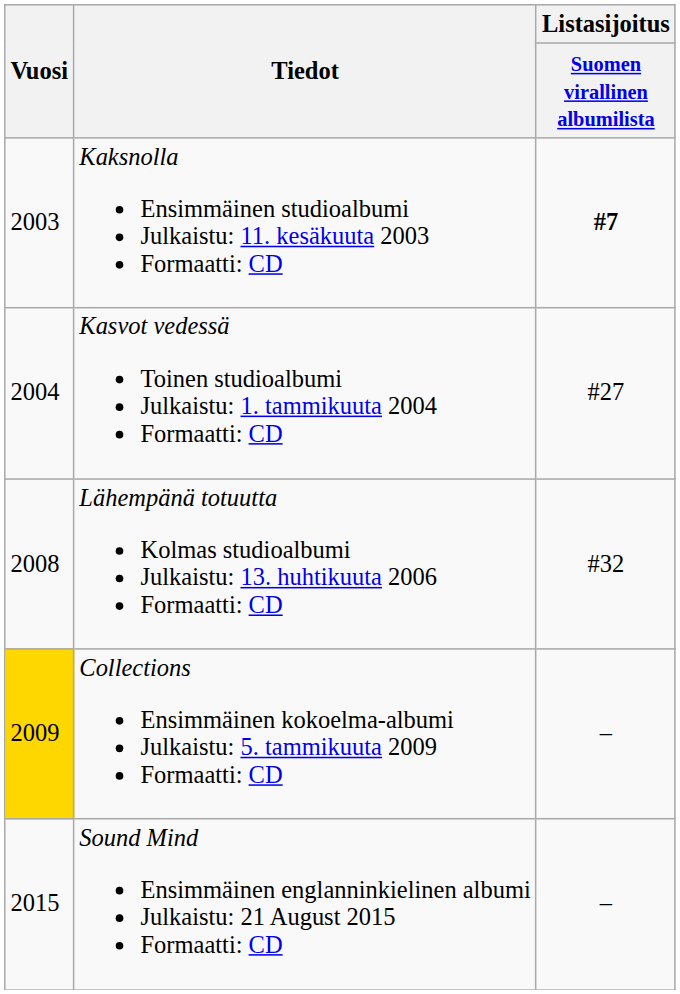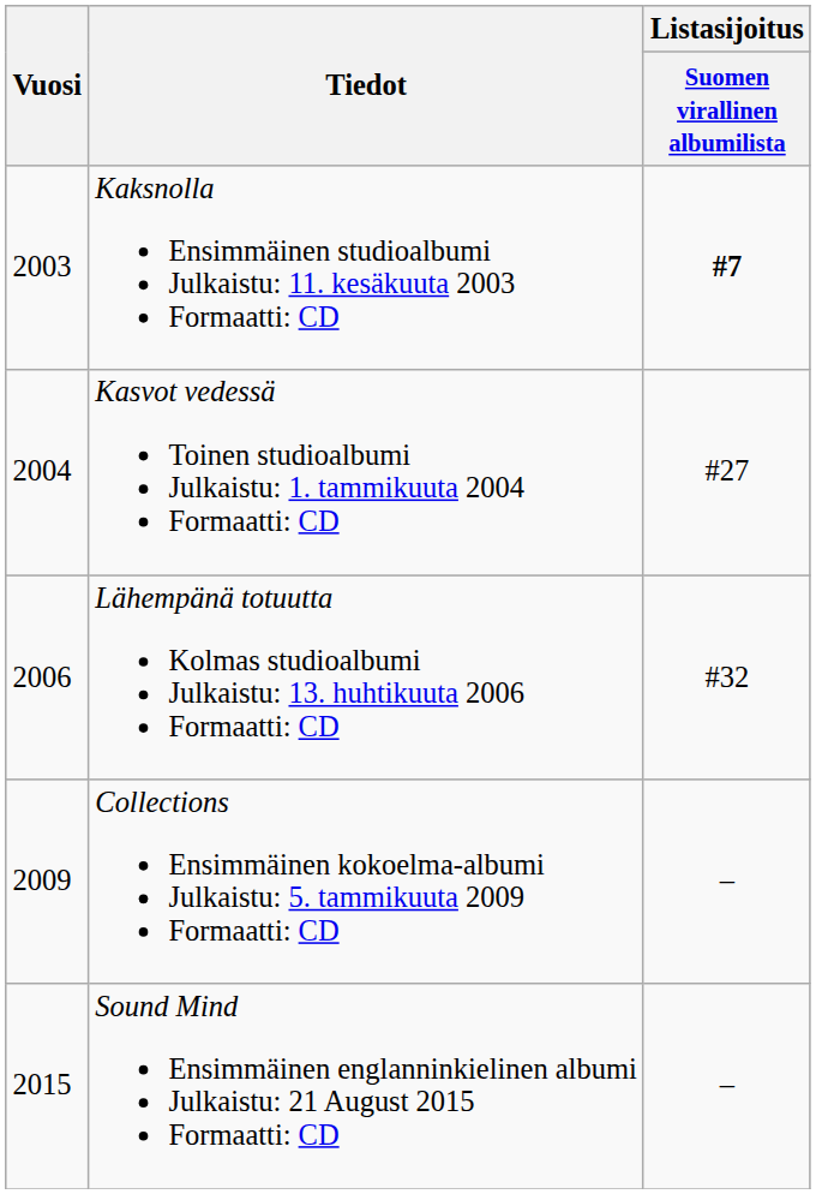 <table class="wikitable">
 <tr>
 <th rowspan="2">Vuosi</th>
 <th rowspan="2">Tiedot</th>
 <th align="center" colspan="1">Listasijoitus</th>
 </tr>
 <tr>
 <th width="75"><small><a href='#'>Suomen virallinen albumilista</a></small></th>
 </tr>
 <tr>
 <td>2003</td>
 <td><em>Kaksnolla</em><br><ul><li>Ensimmäinen studioalbumi</li><li>Julkaistu: <a href='#'>11. kesäkuuta</a> 2003</li><li>Formaatti: <a href='#'>CD</a></li></ul></td>
 <td style="text-align:center;"><strong>#7</strong></td>
 </tr>
 <tr>
 <td>2004</td>
 <td><em>Kasvot vedessä</em><br><ul><li>Toinen studioalbumi</li><li>Julkaistu: <a href='#'>1. tammikuuta</a> 2004</li><li>Formaatti: <a href='#'>CD</a></li></ul></td>
 <td style="text-align:center;">#27</td>
 </tr>
 <tr>
-<td>2008</td>
+<td>2006</td>
 <td><em>Lähempänä totuutta</em><br><ul><li>Kolmas studioalbumi</li><li>Julkaistu: <a href='#'>13. huhtikuuta</a> 2006</li><li>Formaatti: <a href='#'>CD</a></li></ul></td>
 <td style="text-align:center;">#32</td>
 </tr>
 <tr>
-<td style="background: gold;">2009</td>
+<td>2009</td>
 <td><em>Collections</em><br><ul><li>Ensimmäinen kokoelma-albumi</li><li>Julkaistu: <a href='#'>5. tammikuuta</a> 2009</li><li>Formaatti: <a href='#'>CD</a></li></ul></td>
 <td style="text-align:center;">–</td>
 </tr>
 <tr>
 <td>2015</td>
 <td><em>Sound Mind</em><br><ul><li>Ensimmäinen englanninkielinen albumi</li><li>Julkaistu: 21 August 2015</li><li>Formaatti: <a href='#'>CD</a></li></ul></td>
 <td style="text-align:center;">–</td>
 </tr>
 </table>
